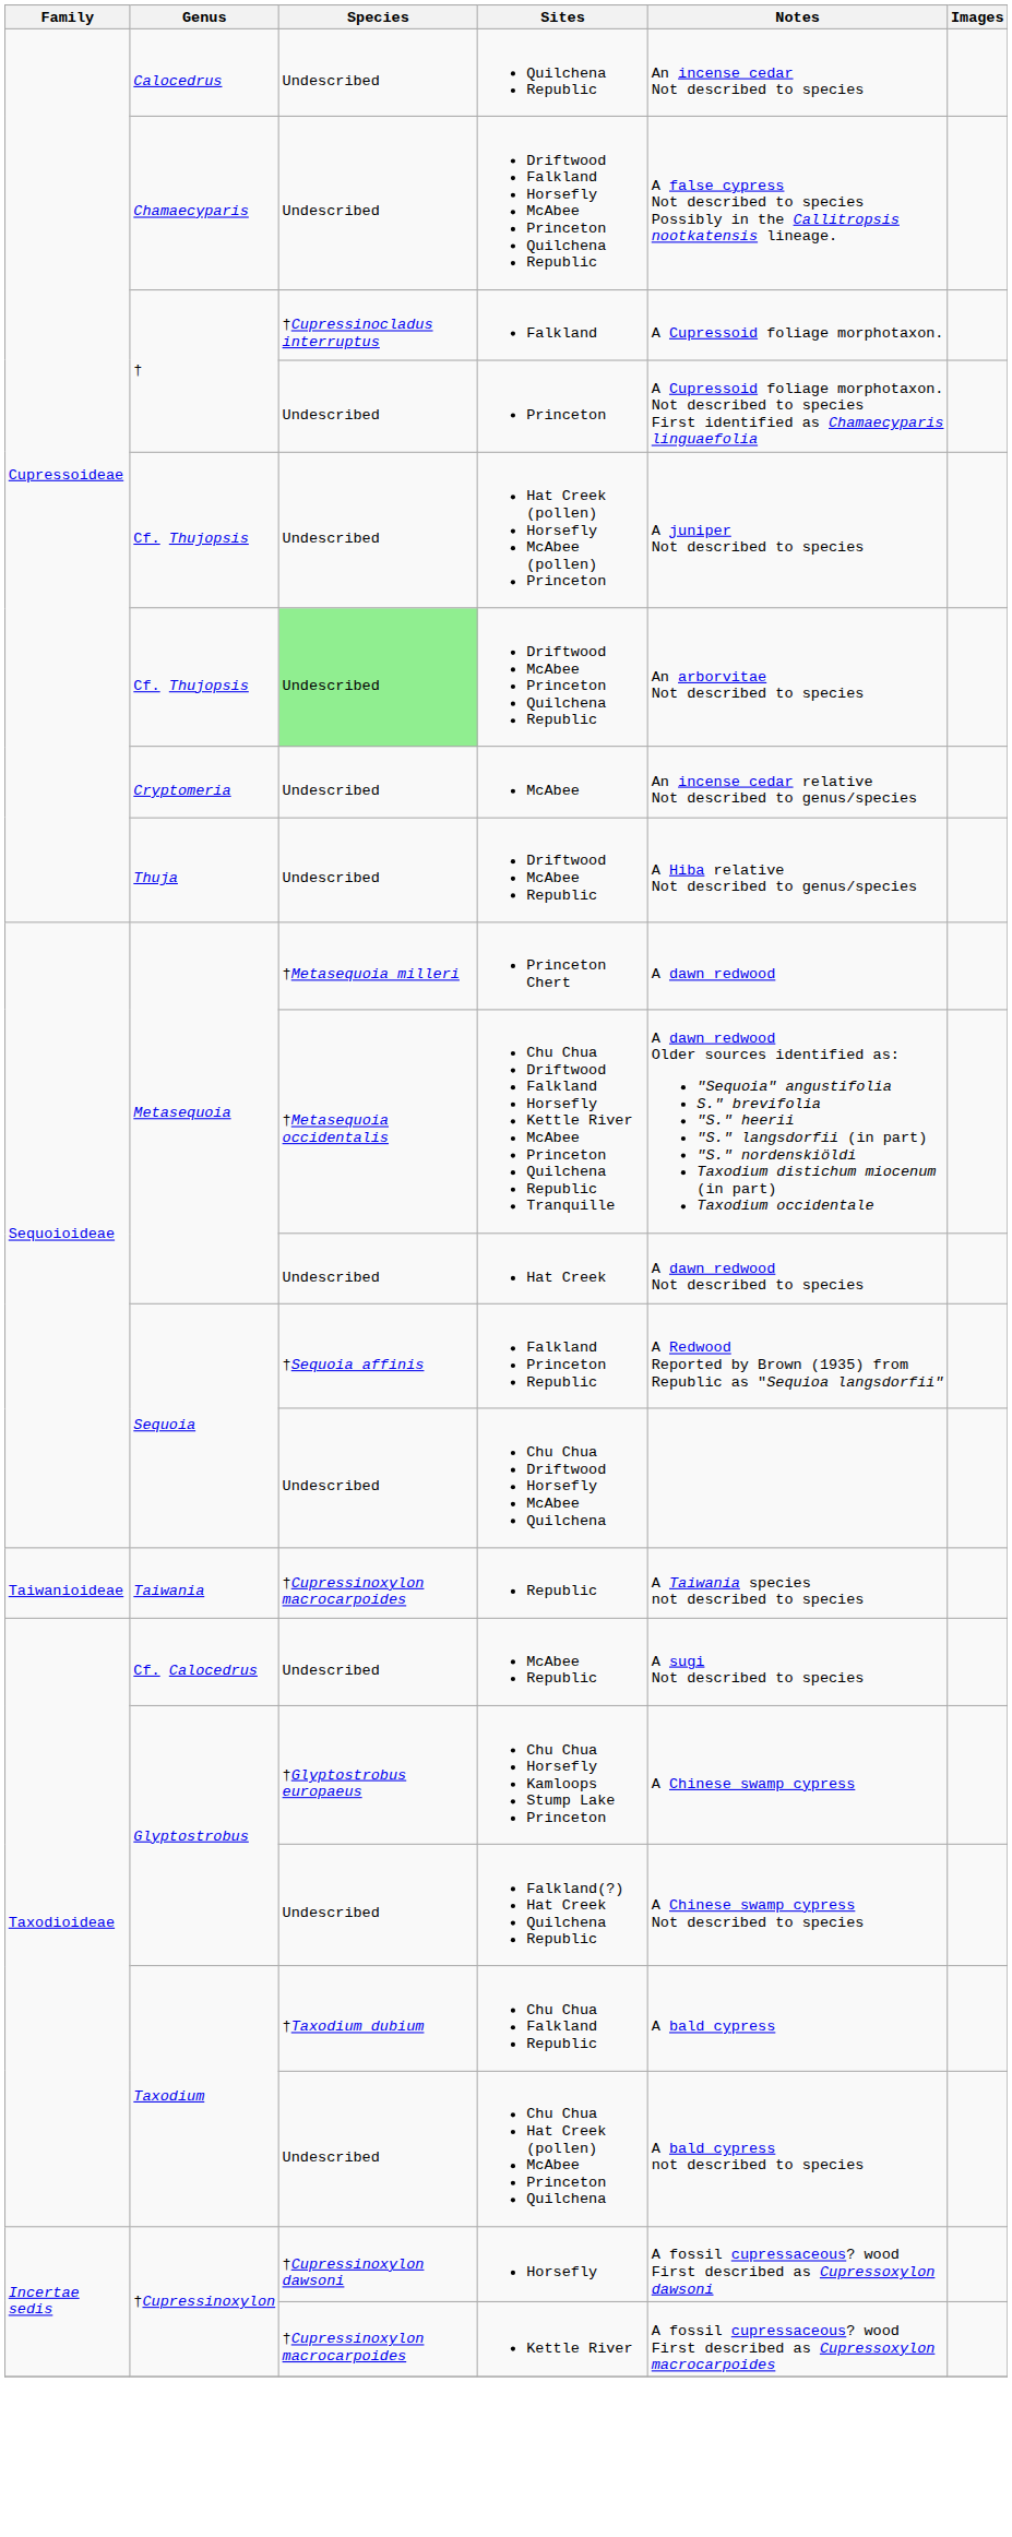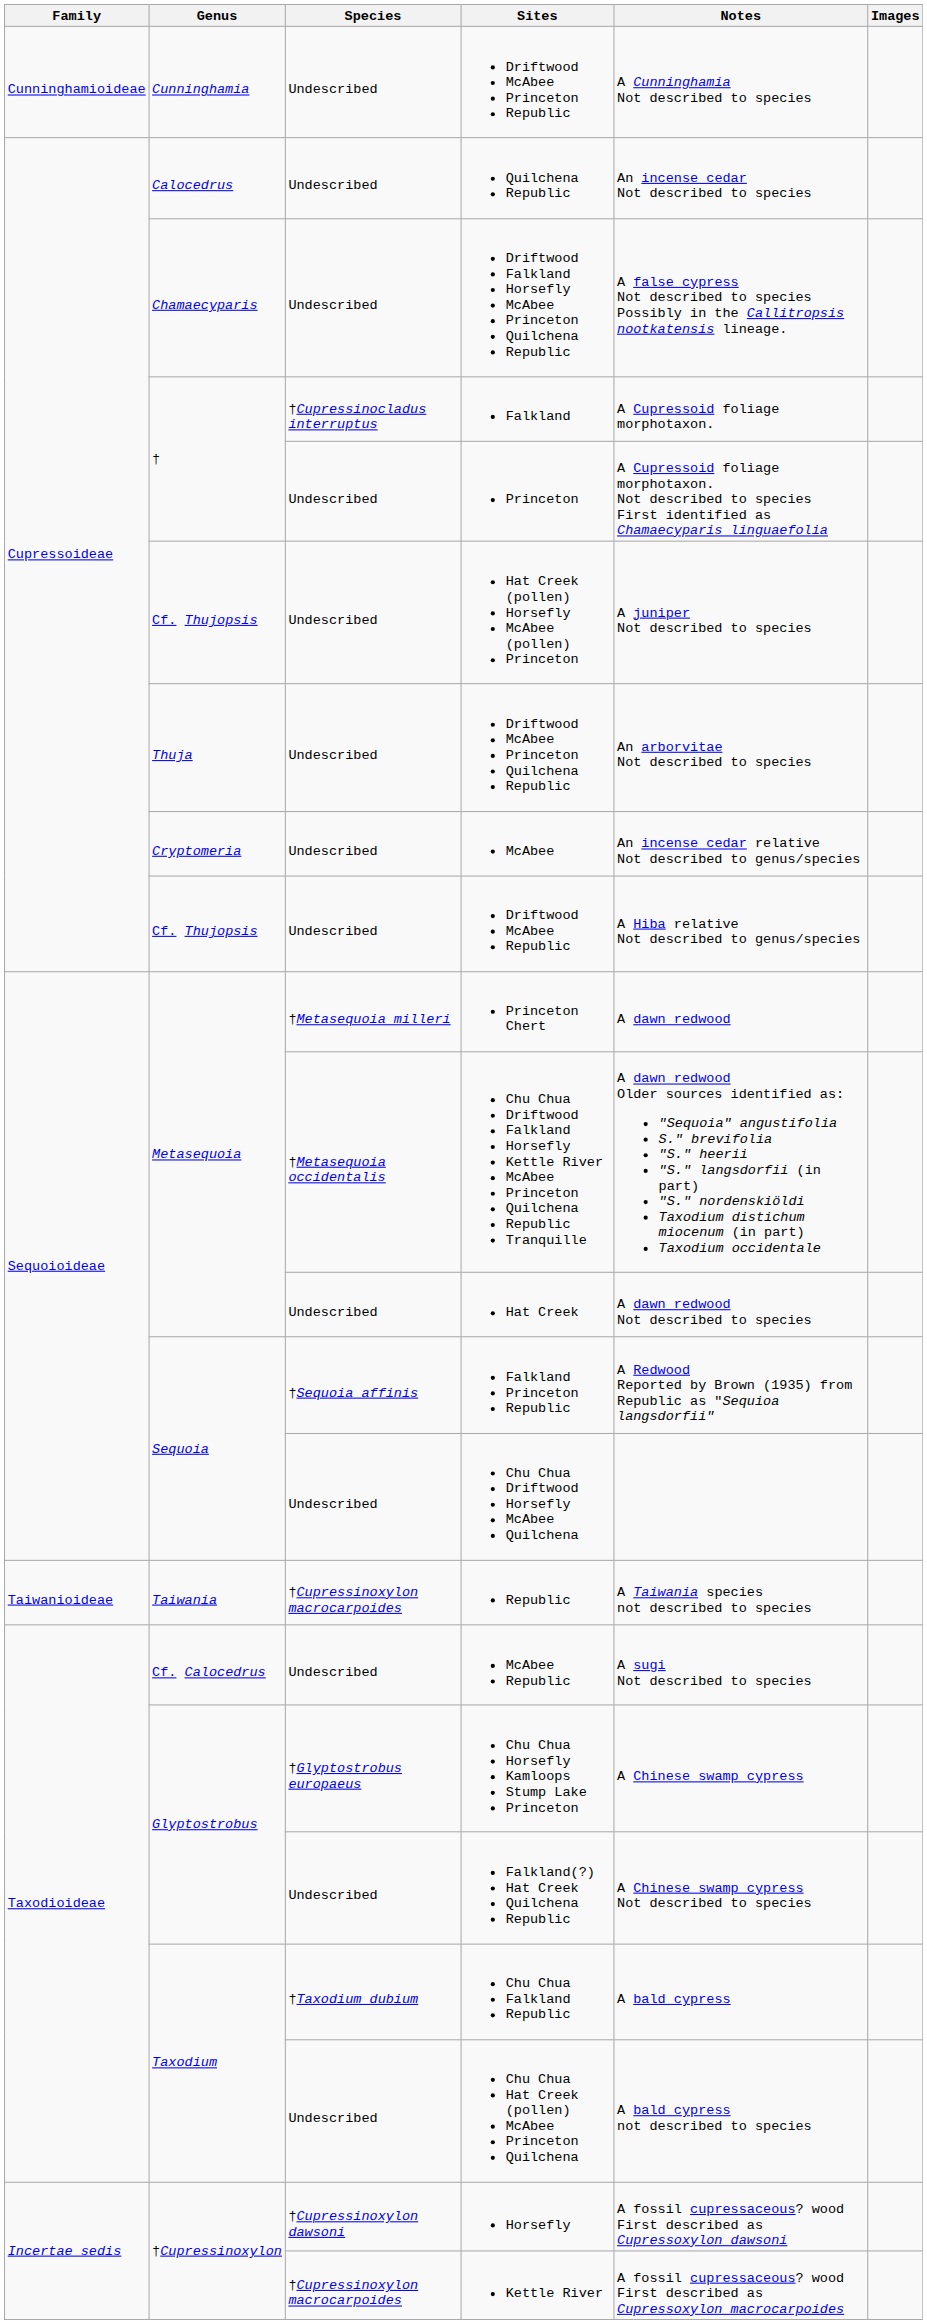 <table class="wikitable sortable" style="margin:auto; width:100%;">
 <tr>
 <th>Family</th>
 <th>Genus</th>
 <th>Species</th>
 <th>Sites</th>
 <th>Notes</th>
 <th>Images</th>
+</tr>
+<tr>
+<td><br><a href='#'>Cunninghamioideae</a></td>
+<td><br><em><a href='#'>Cunninghamia</a></em></td>
+<td><br>Undescribed</td>
+<td><br><ul><li>Driftwood</li><li>McAbee</li><li>Princeton</li><li>Republic</li></ul></td>
+<td><br>A <em><a href='#'>Cunninghamia</a></em><br> Not described to species</td>
+<td><br></td>
 </tr>
 <tr>
 <td rowspan= 8><a href='#'>Cupressoideae</a></td>
 <td><br><em><a href='#'>Calocedrus</a></em></td>
 <td><br>Undescribed</td>
 <td><br><ul><li>Quilchena</li><li>Republic</li></ul></td>
 <td><br>An <a href='#'>incense cedar</a><br>Not described to species</td>
 <td></td>
 </tr>
 <tr>
 <td><br><em><a href='#'>Chamaecyparis</a></em></td>
 <td><br>Undescribed</td>
 <td><br><ul><li>Driftwood</li><li>Falkland</li><li>Horsefly</li><li>McAbee</li><li>Princeton</li><li>Quilchena</li><li>Republic</li></ul></td>
 <td><br>A <a href='#'>false cypress</a><br>Not described to species<br>Possibly in the <em><a href='#'>Callitropsis nootkatensis</a></em> lineage.</td>
 <td></td>
 </tr>
 <tr>
 <td rowspan=2>†</td>
 <td><br>†<em><a href='#'>Cupressinocladus interruptus</a></em></td>
 <td><br><ul><li>Falkland</li></ul></td>
 <td><br>A <a href='#'>Cupressoid</a> foliage morphotaxon.</td>
 <td></td>
 </tr>
 <tr>
 <td><br>Undescribed</td>
 <td><br><ul><li>Princeton</li></ul></td>
 <td><br>A <a href='#'>Cupressoid</a> foliage morphotaxon.<br>Not described to species<br>First identified as <em><a href='#'>Chamaecyparis linguaefolia</a></em></td>
 <td></td>
 </tr>
 <tr>
 <td><br><a href='#'>Cf.</a> <em><a href='#'>Thujopsis</a></em></td>
 <td><br>Undescribed</td>
 <td><br><ul><li>Hat Creek (pollen)</li><li>Horsefly</li><li>McAbee (pollen)</li><li>Princeton</li></ul></td>
 <td><br>A <a href='#'>juniper</a><br>Not described to species</td>
 <td></td>
 </tr>
 <tr>
-<td><br><a href='#'>Cf.</a> <em><a href='#'>Thujopsis</a></em></td>
-<td style="background: lightgreen;"><br>Undescribed</td>
+<td><br><em><a href='#'>Thuja</a></em></td>
+<td><br>Undescribed</td>
 <td><br><ul><li>Driftwood</li><li>McAbee</li><li>Princeton</li><li>Quilchena</li><li>Republic</li></ul></td>
 <td><br>An <a href='#'>arborvitae</a><br> Not described to species</td>
 <td></td>
 </tr>
 <tr>
 <td><br><em><a href='#'>Cryptomeria</a></em></td>
 <td><br>Undescribed</td>
 <td><br><ul><li>McAbee</li></ul></td>
 <td><br>An <a href='#'>incense cedar</a> relative<br>Not described to genus/species</td>
 <td></td>
 </tr>
 <tr>
-<td><br><em><a href='#'>Thuja</a></em></td>
+<td><br><a href='#'>Cf.</a> <em><a href='#'>Thujopsis</a></em></td>
 <td><br>Undescribed</td>
 <td><br><ul><li>Driftwood</li><li>McAbee</li><li>Republic</li></ul></td>
 <td><br>A <a href='#'>Hiba</a> relative<br> Not described to genus/species</td>
 <td></td>
 </tr>
 <tr>
 <td rowspan=5><a href='#'>Sequoioideae</a></td>
 <td rowspan=3><em><a href='#'>Metasequoia</a></em></td>
 <td><br>†<em><a href='#'>Metasequoia milleri</a></em></td>
 <td><br><ul><li>Princeton Chert</li></ul></td>
 <td><br>A <a href='#'>dawn redwood</a></td>
 <td></td>
 </tr>
 <tr>
 <td><br>†<em><a href='#'>Metasequoia occidentalis</a></em></td>
 <td><br><ul><li>Chu Chua</li><li>Driftwood</li><li>Falkland</li><li>Horsefly</li><li>Kettle River</li><li>McAbee</li><li>Princeton</li><li>Quilchena</li><li>Republic</li><li>Tranquille</li></ul></td>
 <td><br>A <a href='#'>dawn redwood</a><br> Older sources identified as:<ul><li><em>"Sequoia" angustifolia</em></li><li><em>S." brevifolia</em></li><li><em>"S." heerii</em></li><li><em>"S." langsdorfii</em> (in part)</li><li><em>"S." nordenskiöldi</em></li><li><em>Taxodium distichum miocenum</em> (in part)</li><li><em>Taxodium occidentale</em></li></ul></td>
 <td><br></td>
 </tr>
 <tr>
 <td><br>Undescribed</td>
 <td><br><ul><li>Hat Creek</li></ul></td>
 <td><br>A <a href='#'>dawn redwood</a><br> Not described to species</td>
 <td></td>
 </tr>
 <tr>
 <td rowspan=2><em><a href='#'>Sequoia</a></em></td>
 <td><br>†<em><a href='#'>Sequoia affinis</a></em></td>
 <td><br><ul><li>Falkland</li><li>Princeton</li><li>Republic</li></ul></td>
 <td><br>A <a href='#'>Redwood</a><br> Reported by Brown (1935) from Republic as "<em>Sequioa langsdorfii"</em></td>
 <td><br></td>
 </tr>
 <tr>
 <td><br>Undescribed</td>
 <td><br><ul><li>Chu Chua</li><li>Driftwood</li><li>Horsefly</li><li>McAbee</li><li>Quilchena</li></ul></td>
 <td></td>
 </tr>
 <tr>
 <td><br><a href='#'>Taiwanioideae</a></td>
 <td><br><em><a href='#'>Taiwania</a></em></td>
 <td><br>†<em><a href='#'>Cupressinoxylon macrocarpoides</a></em></td>
 <td><br><ul><li>Republic</li></ul></td>
 <td><br>A <em><a href='#'>Taiwania</a></em> species<br>not described to species</td>
 <td></td>
 </tr>
 <tr>
 <td rowspan=5><a href='#'>Taxodioideae</a></td>
 <td><br><a href='#'>Cf.</a> <em><a href='#'>Calocedrus</a></em></td>
 <td><br>Undescribed</td>
 <td><br><ul><li>McAbee</li><li>Republic</li></ul></td>
 <td><br>A <a href='#'>sugi</a><br>Not described to species</td>
 <td></td>
 </tr>
 <tr>
 <td rowspan=2><em><a href='#'>Glyptostrobus</a></em></td>
 <td><br>†<em><a href='#'>Glyptostrobus europaeus</a></em></td>
 <td><br><ul><li>Chu Chua</li><li>Horsefly</li><li>Kamloops</li><li>Stump Lake</li><li>Princeton</li></ul></td>
 <td><br>A <a href='#'>Chinese swamp cypress</a></td>
 <td></td>
 </tr>
 <tr>
 <td><br>Undescribed</td>
 <td><br><ul><li>Falkland(?)</li><li>Hat Creek</li><li>Quilchena</li><li>Republic</li></ul></td>
 <td><br>A <a href='#'>Chinese swamp cypress</a><br>Not described to species</td>
 <td><br></td>
 </tr>
 <tr>
 <td rowspan=2><em><a href='#'>Taxodium</a></em></td>
 <td><br>†<em><a href='#'>Taxodium dubium</a></em></td>
 <td><br><ul><li>Chu Chua</li><li>Falkland</li><li>Republic</li></ul></td>
 <td><br>A <a href='#'>bald cypress</a><br></td>
 <td></td>
 </tr>
 <tr>
 <td><br>Undescribed</td>
 <td><br><ul><li>Chu Chua</li><li>Hat Creek (pollen)</li><li>McAbee</li><li>Princeton</li><li>Quilchena</li></ul></td>
 <td><br>A <a href='#'>bald cypress</a><br>not described to species</td>
 <td></td>
 </tr>
 <tr>
 <td rowspan=2><em><a href='#'>Incertae sedis</a></em></td>
 <td rowspan=2>†<em><a href='#'>Cupressinoxylon</a></em></td>
 <td><br>†<em><a href='#'>Cupressinoxylon dawsoni</a></em></td>
 <td><br><ul><li>Horsefly</li></ul></td>
 <td><br>A fossil <a href='#'>cupressaceous</a>? wood<br> First described as <em><a href='#'>Cupressoxylon dawsoni</a></em></td>
 <td></td>
 </tr>
 <tr>
 <td><br>†<em><a href='#'>Cupressinoxylon macrocarpoides</a></em></td>
 <td><br><ul><li>Kettle River</li></ul></td>
 <td><br>A fossil <a href='#'>cupressaceous</a>? wood<br> First described as <em><a href='#'>Cupressoxylon macrocarpoides</a></em></td>
 <td></td>
 </tr>
 <tr>
 </tr>
 </table>
